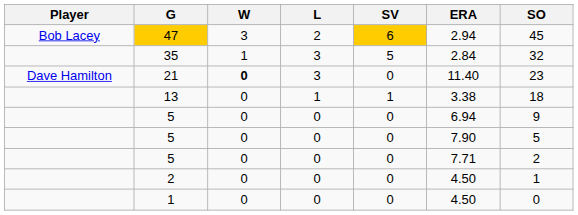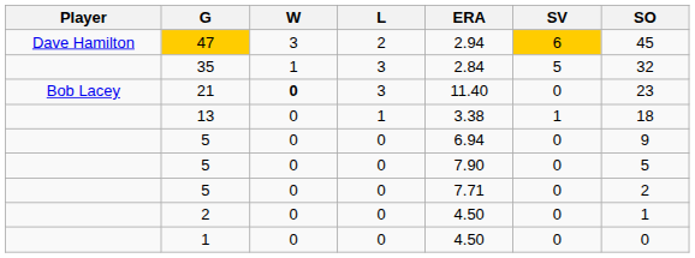 <table class="wikitable sortable">
 <tr>
 <th bgcolor="#DDDDFF" width="16%">Player</th>
 <th bgcolor="#DDDDFF" width="9%">G</th>
 <th bgcolor="#DDDDFF" width="9%">W</th>
 <th bgcolor="#DDDDFF" width="9%">L</th>
+<th bgcolor="#DDDDFF" width="9%">ERA</th>
 <th bgcolor="#DDDDFF" width="9%">SV</th>
-<th bgcolor="#DDDDFF" width="9%">ERA</th>
 <th bgcolor="#DDDDFF" width="9%">SO</th>
 </tr>
 <tr align="center">
-<td><a href='#'>Bob Lacey</a></td>
+<td><a href='#'>Dave Hamilton</a></td>
 <td style="background:#fc0;">47</td>
 <td>3</td>
 <td>2</td>
+<td>2.94</td>
 <td style="background:#fc0;">6</td>
-<td>2.94</td>
 <td>45</td>
 </tr>
 <tr align="center">
 <td></td>
 <td>35</td>
 <td>1</td>
 <td>3</td>
+<td>2.84</td>
 <td>5</td>
-<td>2.84</td>
 <td>32</td>
 </tr>
 <tr align="center">
-<td><a href='#'>Dave Hamilton</a></td>
+<td><a href='#'>Bob Lacey</a></td>
 <td>21</td>
 <td><strong>0</strong></td>
 <td>3</td>
+<td>11.40</td>
 <td>0</td>
-<td>11.40</td>
 <td>23</td>
 </tr>
 <tr align="center">
 <td></td>
 <td>13</td>
 <td>0</td>
 <td>1</td>
+<td>3.38</td>
 <td>1</td>
-<td>3.38</td>
 <td>18</td>
 </tr>
 <tr align="center">
 <td></td>
 <td>5</td>
 <td>0</td>
 <td>0</td>
+<td>6.94</td>
 <td>0</td>
-<td>6.94</td>
 <td>9</td>
 </tr>
 <tr align="center">
 <td></td>
 <td>5</td>
 <td>0</td>
 <td>0</td>
+<td>7.90</td>
 <td>0</td>
-<td>7.90</td>
 <td>5</td>
 </tr>
 <tr align="center">
 <td></td>
 <td>5</td>
 <td>0</td>
 <td>0</td>
+<td>7.71</td>
 <td>0</td>
-<td>7.71</td>
 <td>2</td>
 </tr>
 <tr align="center">
 <td></td>
 <td>2</td>
 <td>0</td>
 <td>0</td>
+<td>4.50</td>
 <td>0</td>
-<td>4.50</td>
 <td>1</td>
 </tr>
 <tr align="center">
 <td></td>
 <td>1</td>
 <td>0</td>
 <td>0</td>
+<td>4.50</td>
 <td>0</td>
-<td>4.50</td>
 <td>0</td>
 </tr>
 </table>
